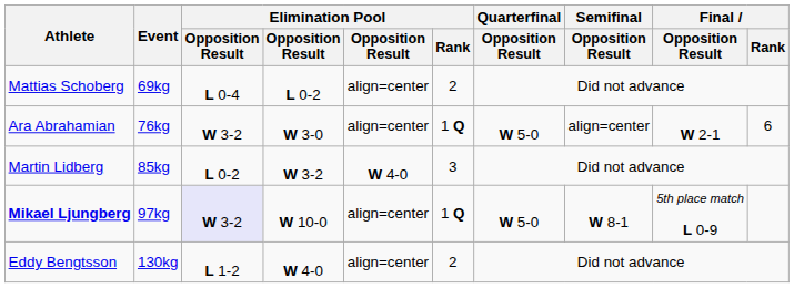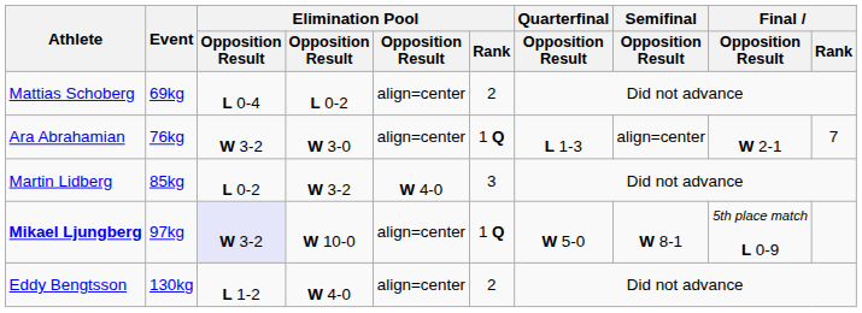 <table class="wikitable" style="font-size:90%">
 <tr>
 <th rowspan="2">Athlete</th>
 <th rowspan="2">Event</th>
 <th colspan=4>Elimination Pool</th>
 <th>Quarterfinal</th>
 <th>Semifinal</th>
 <th colspan=2>Final / </th>
 </tr>
 <tr style="font-size: 95%">
 <th>Opposition<br>Result</th>
 <th>Opposition<br>Result</th>
 <th>Opposition<br>Result</th>
 <th>Rank</th>
 <th>Opposition<br>Result</th>
 <th>Opposition<br>Result</th>
 <th>Opposition<br>Result</th>
 <th>Rank</th>
 </tr>
 <tr>
 <td align=left><a href='#'>Mattias Schoberg</a></td>
 <td align=left><a href='#'>69kg</a></td>
 <td align=center><br><strong>L</strong> 0-4</td>
 <td align=center><br><strong>L</strong> 0-2</td>
 <td>align=center </td>
 <td align=center>2</td>
 <td align=center colspan=4>Did not advance</td>
 </tr>
 <tr>
 <td align=left><a href='#'>Ara Abrahamian</a></td>
 <td align=left><a href='#'>76kg</a></td>
 <td align=center><br><strong>W</strong> 3-2</td>
 <td align=center><br><strong>W</strong> 3-0</td>
 <td>align=center </td>
 <td align=center>1 <strong>Q</strong></td>
-<td align=center><br><strong>W</strong> 5-0</td>
+<td align=center><br><strong>L</strong> 1-3</td>
 <td>align=center </td>
 <td align=center><br><strong>W</strong> 2-1</td>
-<td align=center>6</td>
+<td align=center>7</td>
 </tr>
 <tr>
 <td align=left><a href='#'>Martin Lidberg</a></td>
 <td align=left><a href='#'>85kg</a></td>
 <td align=center><br><strong>L</strong> 0-2</td>
 <td align=center><br><strong>W</strong> 3-2</td>
 <td align=center><br><strong>W</strong> 4-0</td>
 <td align=center>3</td>
 <td align=center colspan=4>Did not advance</td>
 </tr>
 <tr>
 <td align=left><strong><a href='#'>Mikael Ljungberg</a></strong></td>
 <td align=left><a href='#'>97kg</a></td>
 <td align=center style="background: lavender;"><br><strong>W</strong> 3-2</td>
 <td align=center><br><strong>W</strong> 10-0</td>
 <td>align=center </td>
 <td align=center>1 <strong>Q</strong></td>
 <td align=center><br><strong>W</strong> 5-0</td>
 <td align=center><br><strong>W</strong> 8-1</td>
 <td align=center><small><em>5th place match</em></small><br><br><strong>L</strong> 0-9</td>
 <td align=center></td>
 </tr>
 <tr>
 <td align=left><a href='#'>Eddy Bengtsson</a></td>
 <td align=left><a href='#'>130kg</a></td>
 <td align=center><br><strong>L</strong> 1-2</td>
 <td align=center><br><strong>W</strong> 4-0</td>
 <td>align=center </td>
 <td align=center>2</td>
 <td align=center colspan=4>Did not advance</td>
 </tr>
 </table>
